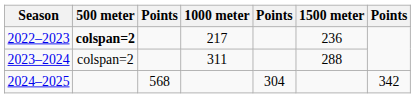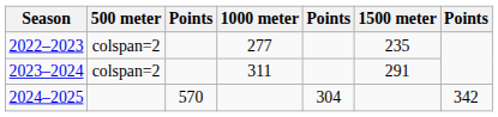 <table class="wikitable" style="display: inline-table;">
 <tr>
 <th>Season</th>
 <th>500 meter</th>
 <th>Points</th>
 <th>1000 meter</th>
 <th>Points</th>
 <th>1500 meter</th>
 <th>Points</th>
 </tr>
 <tr style="text-align:center">
 <td><a href='#'>2022–2023</a></td>
-<td><strong>colspan=2 </strong></td>
+<td>colspan=2 </td>
 <td></td>
-<td>217</td>
+<td>277</td>
 <td></td>
-<td>236</td>
+<td>235</td>
 </tr>
 <tr style="text-align:center">
 <td><a href='#'>2023–2024</a></td>
 <td>colspan=2 </td>
 <td></td>
 <td>311</td>
 <td></td>
-<td>288</td>
+<td>291</td>
 </tr>
 <tr style="text-align:center">
 <td><a href='#'>2024–2025</a></td>
 <td></td>
-<td>568</td>
+<td>570</td>
 <td></td>
 <td>304</td>
 <td></td>
 <td>342</td>
 </tr>
 </table>
